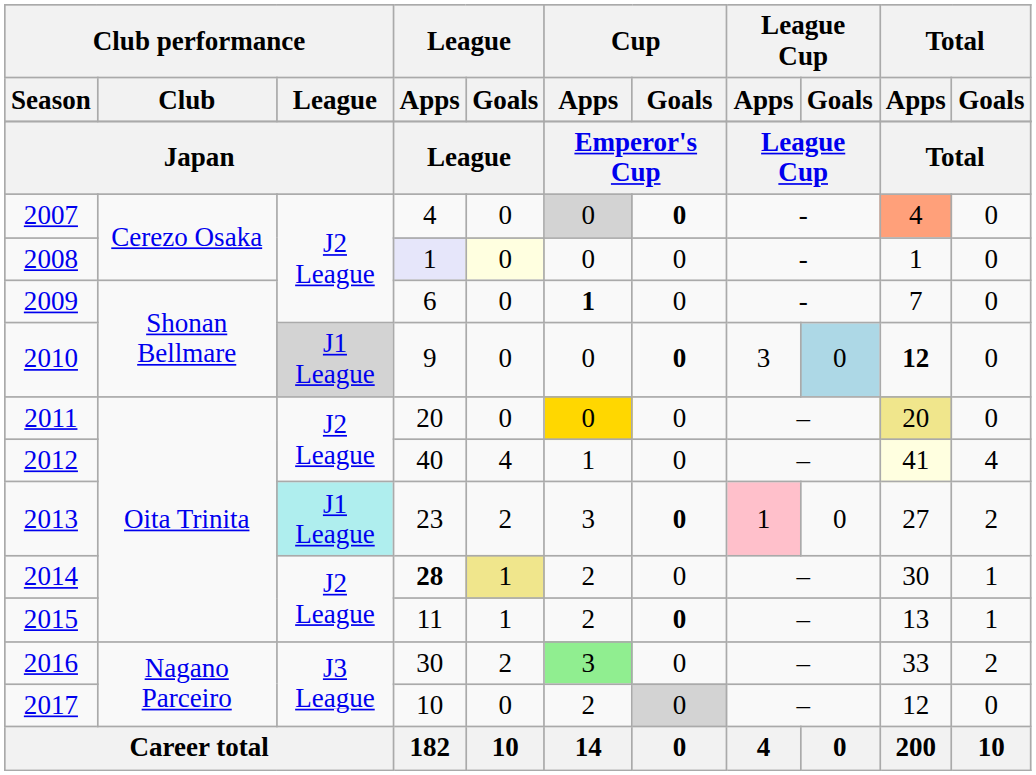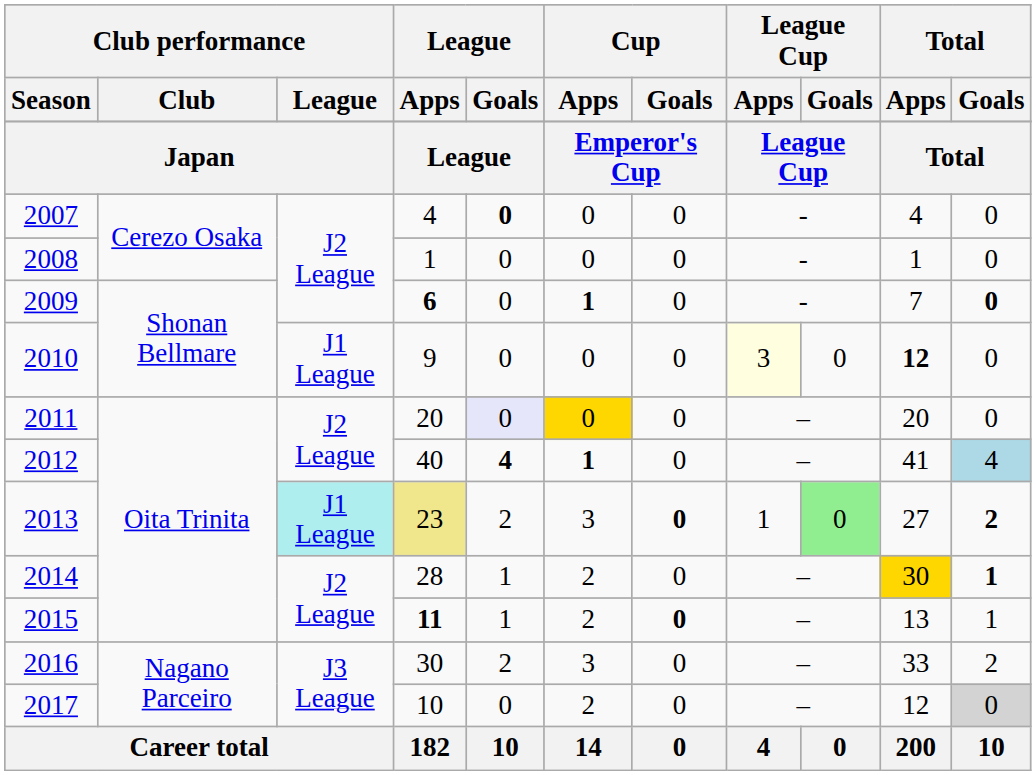 <table class="wikitable" style="text-align:center">
 <tr>
 <th colspan=3>Club performance</th>
 <th colspan=2>League</th>
 <th colspan=2>Cup</th>
 <th colspan=2>League Cup</th>
 <th colspan=2>Total</th>
 </tr>
 <tr>
 <th>Season</th>
 <th>Club</th>
 <th>League</th>
 <th>Apps</th>
 <th>Goals</th>
 <th>Apps</th>
 <th>Goals</th>
 <th>Apps</th>
 <th>Goals</th>
 <th>Apps</th>
 <th>Goals</th>
 </tr>
 <tr>
 </tr>
 <tr>
 <th colspan=3>Japan</th>
 <th colspan=2>League</th>
 <th colspan=2><a href='#'>Emperor's Cup</a></th>
 <th colspan=2><a href='#'>League Cup</a></th>
 <th colspan=2>Total</th>
 </tr>
 <tr>
 <td><a href='#'>2007</a></td>
 <td rowspan="2"><a href='#'>Cerezo Osaka</a></td>
 <td rowspan="3"><a href='#'>J2 League</a></td>
 <td>4</td>
+<td><strong>0</strong></td>
 <td>0</td>
-<td style="background: lightgrey;">0</td>
-<td><strong>0</strong></td>
+<td>0</td>
 <td colspan="2">-</td>
-<td style="background: lightsalmon;">4</td>
+<td>4</td>
 <td>0</td>
 </tr>
 <tr>
 <td><a href='#'>2008</a></td>
-<td style="background: lavender;">1</td>
-<td style="background: lightyellow;">0</td>
+<td>1</td>
+<td>0</td>
 <td>0</td>
 <td>0</td>
 <td colspan="2">-</td>
 <td>1</td>
 <td>0</td>
 </tr>
 <tr>
 <td><a href='#'>2009</a></td>
 <td rowspan="2"><a href='#'>Shonan Bellmare</a></td>
-<td>6</td>
+<td><strong>6</strong></td>
 <td>0</td>
 <td><strong>1</strong></td>
 <td>0</td>
 <td colspan="2">-</td>
 <td>7</td>
-<td>0</td>
+<td><strong>0</strong></td>
 </tr>
 <tr>
 <td><a href='#'>2010</a></td>
-<td style="background: lightgrey;"><a href='#'>J1 League</a></td>
+<td><a href='#'>J1 League</a></td>
 <td>9</td>
 <td>0</td>
 <td>0</td>
-<td><strong>0</strong></td>
-<td>3</td>
-<td style="background: lightblue;">0</td>
+<td>0</td>
+<td style="background: lightyellow;">3</td>
+<td>0</td>
 <td><strong>12</strong></td>
 <td>0</td>
 </tr>
 <tr>
 <td><a href='#'>2011</a></td>
 <td rowspan="5"><a href='#'>Oita Trinita</a></td>
 <td rowspan="2"><a href='#'>J2 League</a></td>
 <td>20</td>
-<td>0</td>
+<td style="background: lavender;">0</td>
 <td style="background: gold;">0</td>
 <td>0</td>
 <td colspan="2">–</td>
-<td style="background: khaki;">20</td>
+<td>20</td>
 <td>0</td>
 </tr>
 <tr>
 <td><a href='#'>2012</a></td>
 <td>40</td>
-<td>4</td>
-<td>1</td>
+<td><strong>4</strong></td>
+<td><strong>1</strong></td>
 <td>0</td>
 <td colspan="2">–</td>
-<td style="background: lightyellow;">41</td>
-<td>4</td>
+<td>41</td>
+<td style="background: lightblue;">4</td>
 </tr>
 <tr>
 <td><a href='#'>2013</a></td>
 <td style="background: paleturquoise;"><a href='#'>J1 League</a></td>
-<td>23</td>
+<td style="background: khaki;">23</td>
 <td>2</td>
 <td>3</td>
 <td><strong>0</strong></td>
-<td style="background: pink;">1</td>
-<td>0</td>
+<td>1</td>
+<td style="background: lightgreen;">0</td>
 <td>27</td>
-<td>2</td>
+<td><strong>2</strong></td>
 </tr>
 <tr>
 <td><a href='#'>2014</a></td>
 <td rowspan="2"><a href='#'>J2 League</a></td>
-<td><strong>28</strong></td>
-<td style="background: khaki;">1</td>
+<td>28</td>
+<td>1</td>
 <td>2</td>
 <td>0</td>
 <td colspan="2">–</td>
-<td>30</td>
-<td>1</td>
+<td style="background: gold;">30</td>
+<td><strong>1</strong></td>
 </tr>
 <tr>
 <td><a href='#'>2015</a></td>
-<td>11</td>
+<td><strong>11</strong></td>
 <td>1</td>
 <td>2</td>
 <td><strong>0</strong></td>
 <td colspan="2">–</td>
 <td>13</td>
 <td>1</td>
 </tr>
 <tr>
 <td><a href='#'>2016</a></td>
 <td rowspan="2"><a href='#'>Nagano Parceiro</a></td>
 <td rowspan="2"><a href='#'>J3 League</a></td>
 <td>30</td>
 <td>2</td>
-<td style="background: lightgreen;">3</td>
+<td>3</td>
 <td>0</td>
 <td colspan="2">–</td>
 <td>33</td>
 <td>2</td>
 </tr>
 <tr>
 <td><a href='#'>2017</a></td>
 <td>10</td>
 <td>0</td>
 <td>2</td>
-<td style="background: lightgrey;">0</td>
+<td>0</td>
 <td colspan="2">–</td>
 <td>12</td>
-<td>0</td>
+<td style="background: lightgrey;">0</td>
 </tr>
 <tr>
 <th colspan=3>Career total</th>
 <th>182</th>
 <th>10</th>
 <th>14</th>
 <th>0</th>
 <th>4</th>
 <th>0</th>
 <th>200</th>
 <th>10</th>
 </tr>
 </table>
